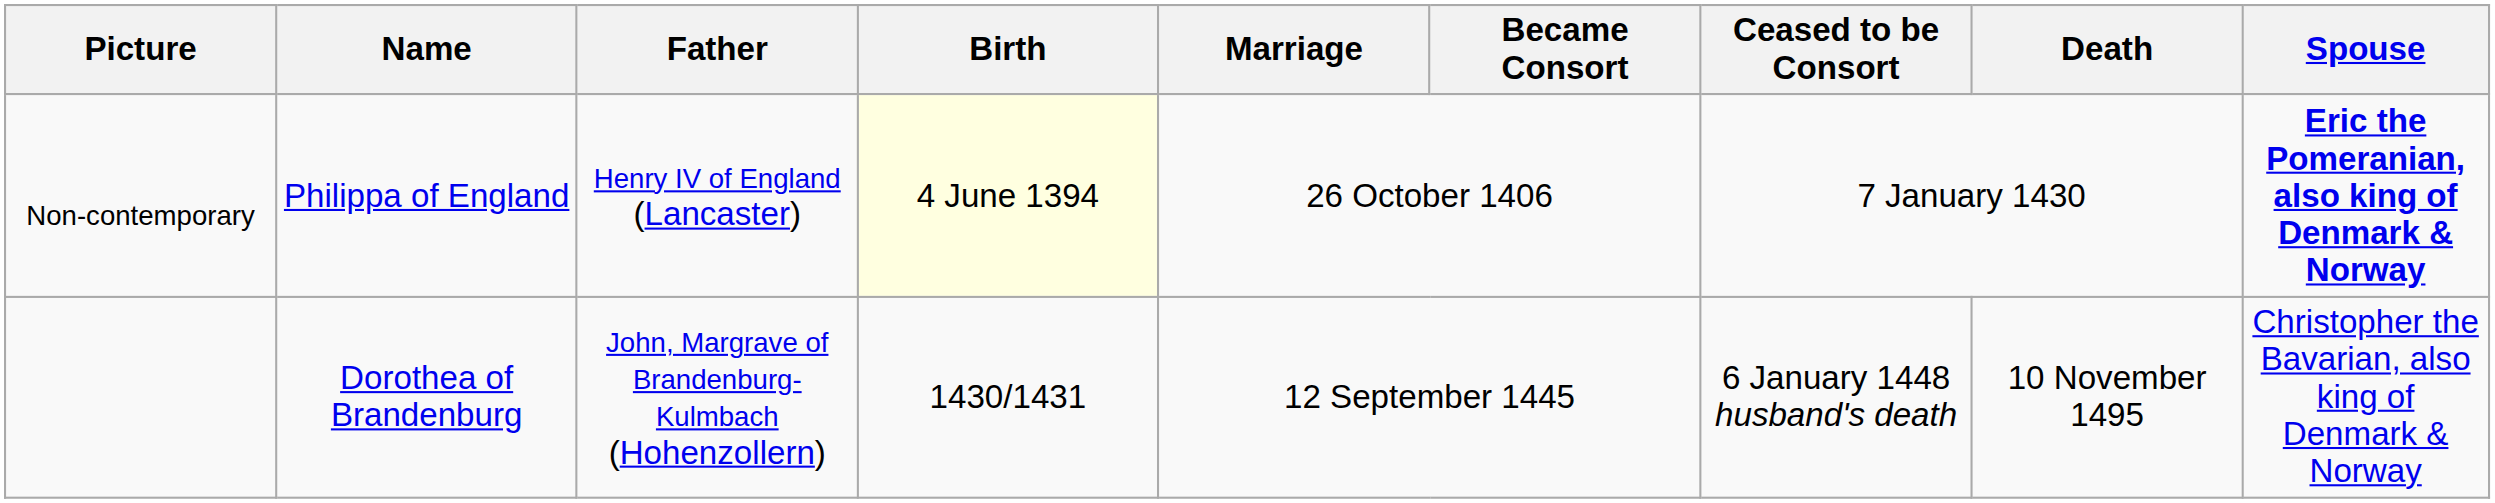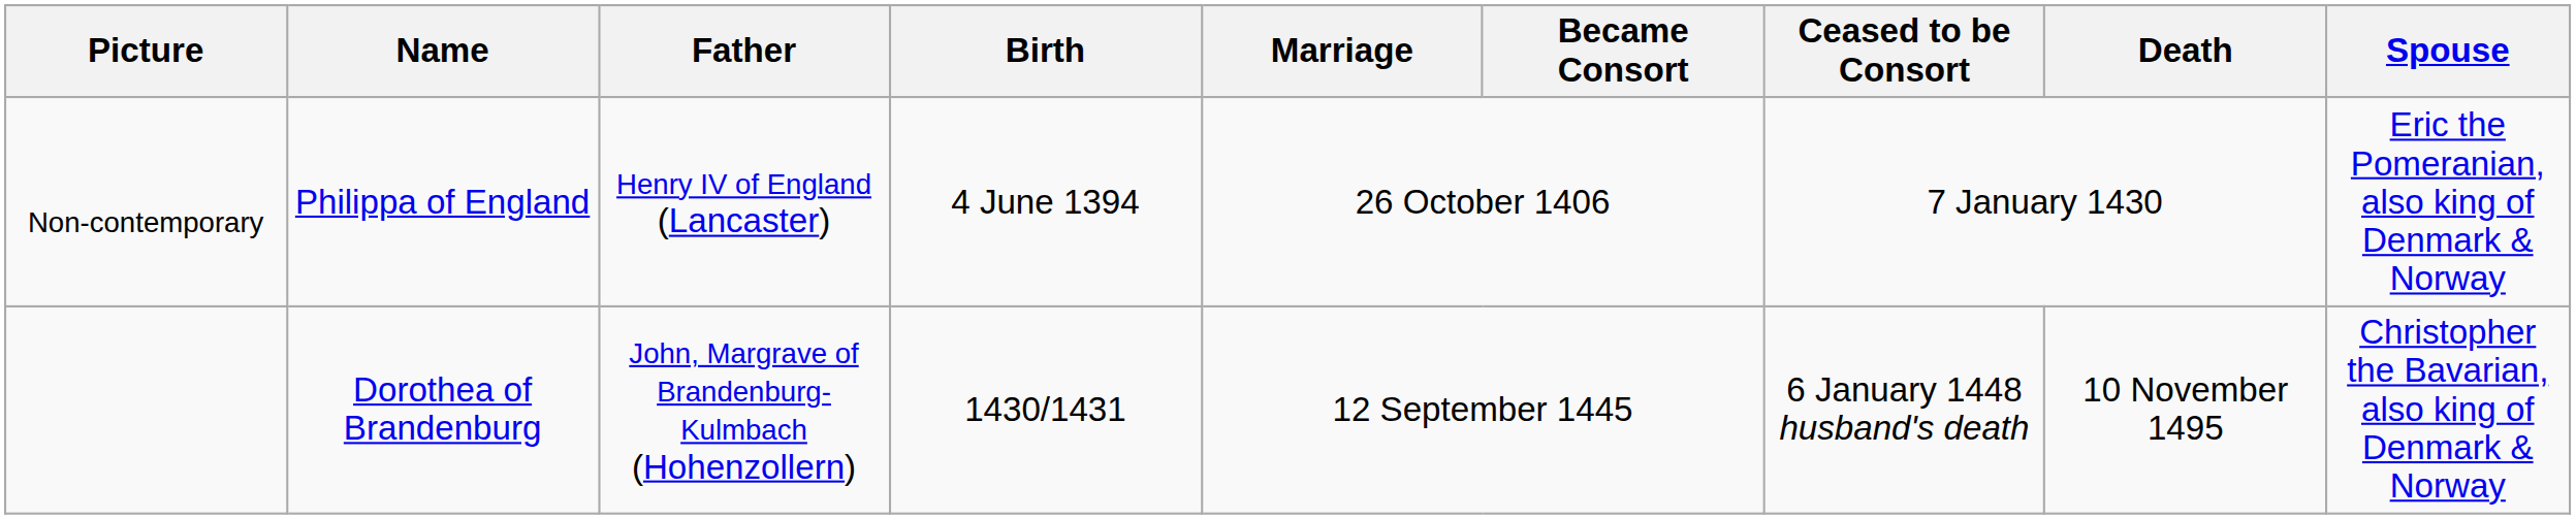 <table style="width:95%;" class="wikitable">
 <tr>
 <th style="width:9%;">Picture</th>
 <th style="width:10%;">Name</th>
 <th style="width:9%;">Father</th>
 <th style="width:10%;">Birth</th>
 <th style="width:9%;">Marriage</th>
 <th style="width:9%;">Became Consort</th>
 <th style="width:9%;">Ceased to be Consort</th>
 <th style="width:9%;">Death</th>
 <th style="width:6%;"><a href='#'>Spouse</a></th>
 </tr>
 <tr>
 <td align=center><br><small>Non-contemporary</small></td>
 <td align=center><a href='#'>Philippa of England</a><br></td>
 <td align=center><small><a href='#'>Henry IV of England</a></small> (<a href='#'>Lancaster</a>)</td>
-<td align=center style="background: lightyellow;">4 June 1394</td>
+<td align=center>4 June 1394</td>
 <td style="text-align:center;" colspan="2">26 October 1406</td>
 <td style="text-align:center;" colspan="2">7 January 1430</td>
-<td style="text-align:center;"><strong><a href='#'>Eric the Pomeranian, also king of Denmark & Norway</a></strong></td>
+<td style="text-align:center;"><a href='#'>Eric the Pomeranian, also king of Denmark & Norway</a></td>
 </tr>
 <tr>
 <td align=center></td>
 <td align=center><a href='#'>Dorothea of Brandenburg</a><br></td>
 <td align=center><small><a href='#'>John, Margrave of Brandenburg-Kulmbach</a></small> <br>(<a href='#'>Hohenzollern</a>)</td>
 <td align=center>1430/1431</td>
 <td style="text-align:center;" colspan="2">12 September 1445</td>
 <td style="text-align:center;">6 January 1448<br><em>husband's death</em></td>
 <td style="text-align:center;">10 November 1495</td>
 <td style="text-align:center;"><a href='#'>Christopher the Bavarian, also king of Denmark & Norway</a></td>
 </tr>
 </table>
